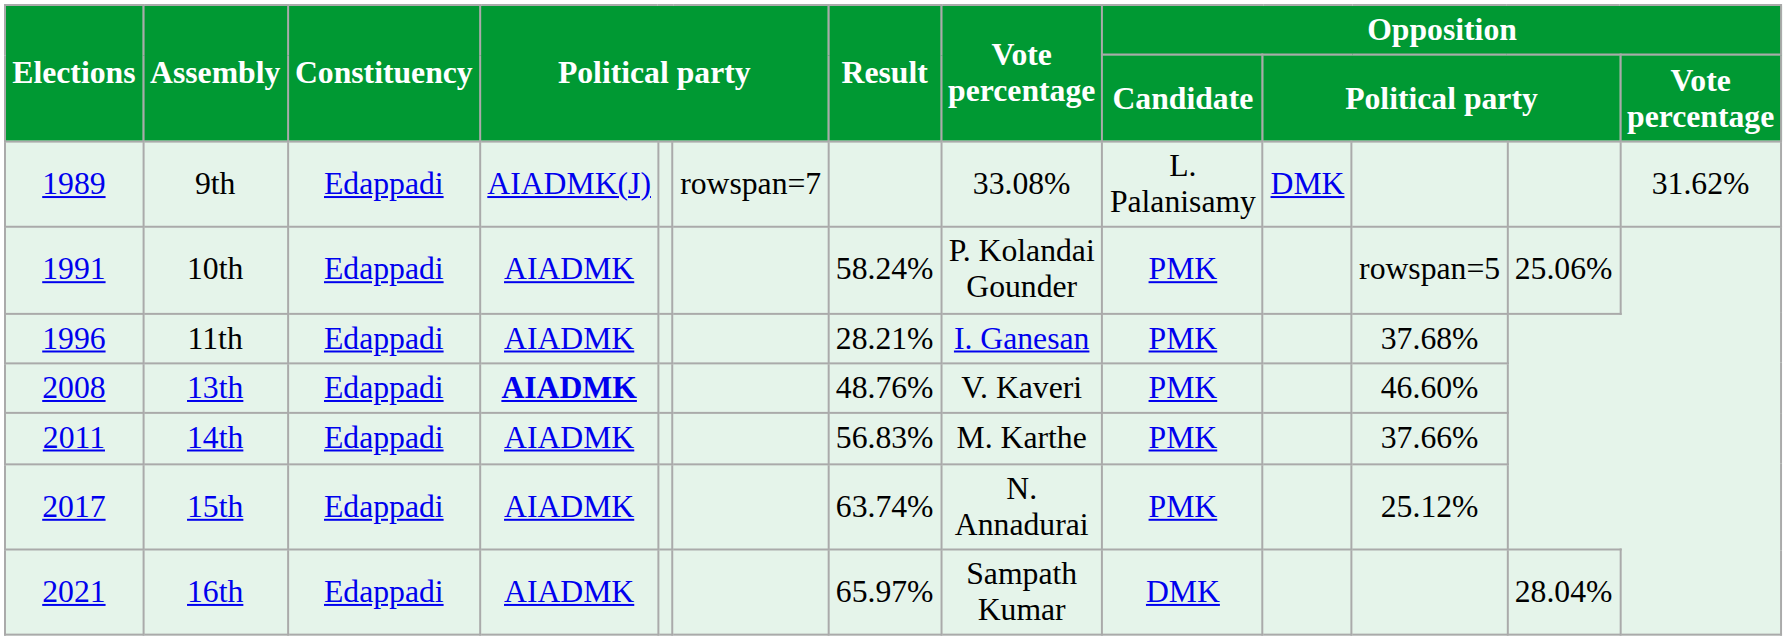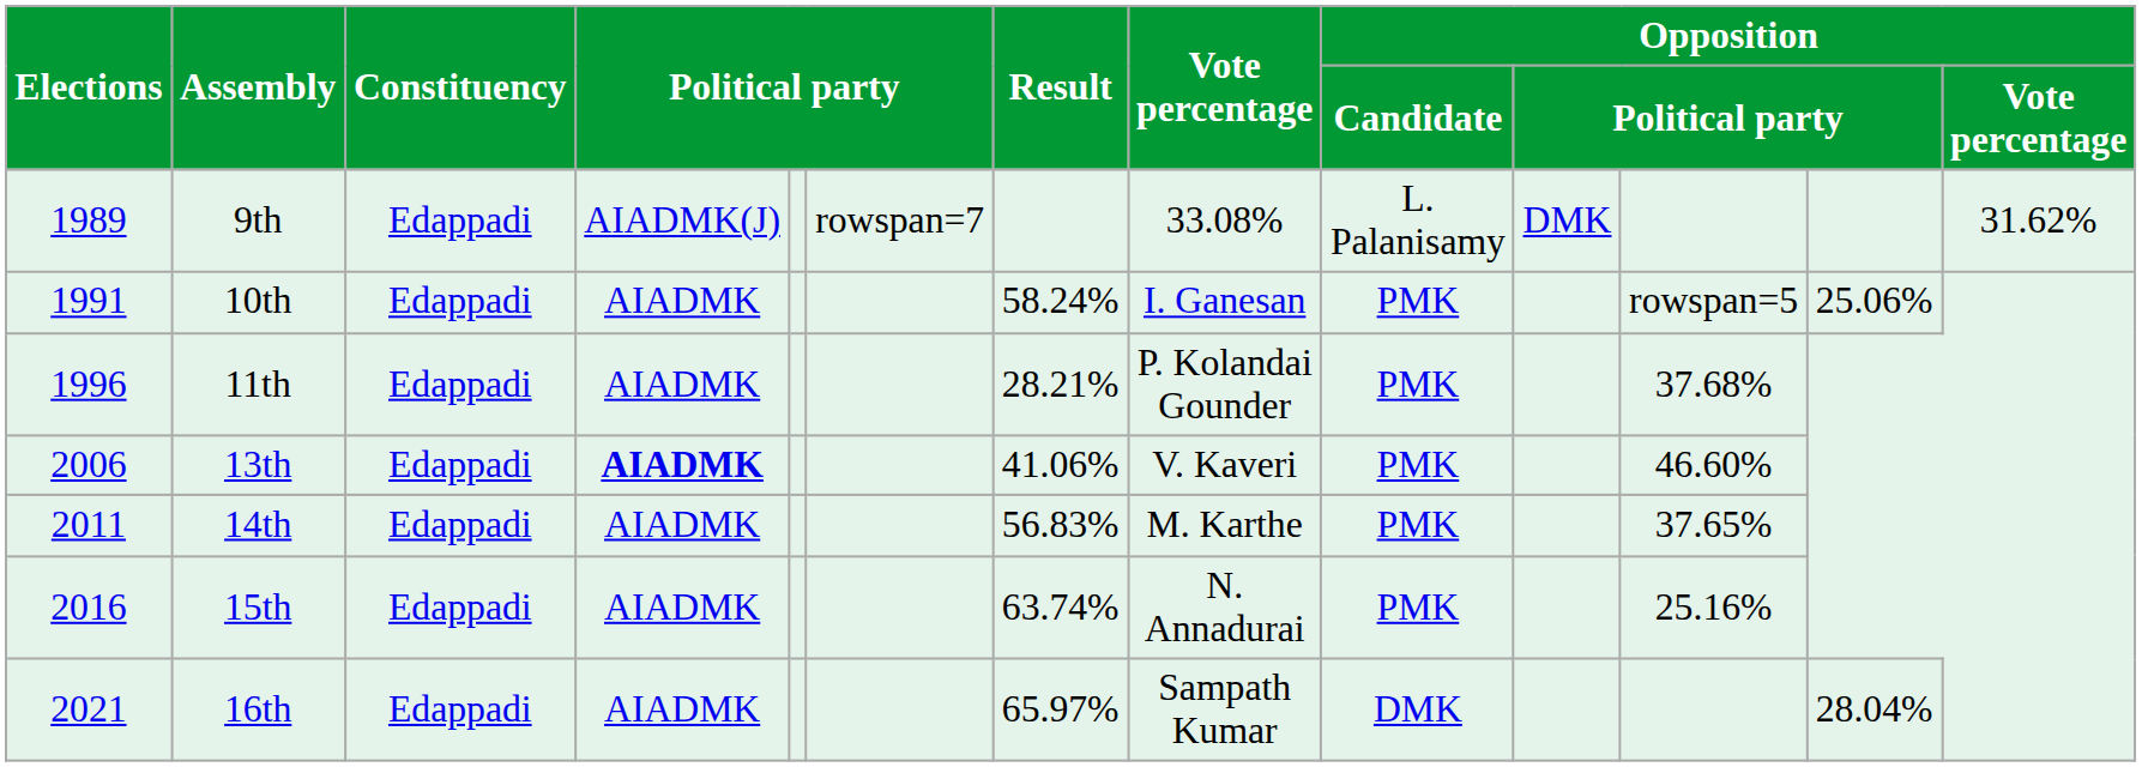 <table class="wikitable sortable" style="width:100%;background:#E5F4EA;text-align:center">
 <tr>
 <th style="background-color:#009933;color:white"rowspan=2>Elections</th>
 <th style="background-color:#009933;color:white"rowspan=2>Assembly</th>
 <th style="background-color:#009933;color:white"rowspan=2>Constituency</th>
 <th style="background-color:#009933;color:white"colspan=3 rowspan=2>Political party</th>
 <th style="background-color:#009933;color:white"rowspan=2>Result</th>
 <th style="background-color:#009933;color:white"rowspan=2>Vote percentage</th>
 <th style="background-color:#009933;color:white"colspan=5>Opposition</th>
 </tr>
 <tr>
 <th style="background-color:#009933;color:white">Candidate</th>
 <th style="background-color:#009933;color:white"colspan=3>Political party</th>
 <th style="background-color:#009933;color:white">Vote percentage</th>
 </tr>
 <tr>
 <td><a href='#'>1989</a></td>
 <td>9th</td>
 <td><a href='#'>Edappadi</a></td>
 <td><a href='#'>AIADMK(J)</a></td>
 <td></td>
 <td>rowspan=7 </td>
 <td></td>
 <td>33.08%</td>
 <td>L. Palanisamy</td>
 <td><a href='#'>DMK</a></td>
 <td></td>
 <td></td>
 <td>31.62%</td>
 </tr>
 <tr>
 <td><a href='#'>1991</a></td>
 <td>10th</td>
 <td><a href='#'>Edappadi</a></td>
 <td><a href='#'>AIADMK</a></td>
 <td></td>
 <td></td>
 <td>58.24%</td>
-<td>P. Kolandai Gounder</td>
+<td><a href='#'>I. Ganesan</a></td>
 <td><a href='#'>PMK</a></td>
 <td></td>
 <td>rowspan=5 </td>
 <td>25.06%</td>
 </tr>
 <tr>
 <td><a href='#'>1996</a></td>
 <td>11th</td>
 <td><a href='#'>Edappadi</a></td>
 <td><a href='#'>AIADMK</a></td>
 <td></td>
 <td></td>
 <td>28.21%</td>
-<td><a href='#'>I. Ganesan</a></td>
+<td>P. Kolandai Gounder</td>
 <td><a href='#'>PMK</a></td>
 <td></td>
 <td>37.68%</td>
 </tr>
 <tr>
-<td><a href='#'>2008</a></td>
+<td><a href='#'>2006</a></td>
 <td><a href='#'>13th</a></td>
 <td><a href='#'>Edappadi</a></td>
 <td><strong><a href='#'>AIADMK</a></strong></td>
 <td></td>
 <td></td>
-<td>48.76%</td>
+<td>41.06%</td>
 <td>V. Kaveri</td>
 <td><a href='#'>PMK</a></td>
 <td></td>
 <td>46.60%</td>
 </tr>
 <tr>
 <td><a href='#'>2011</a></td>
 <td><a href='#'>14th</a></td>
 <td><a href='#'>Edappadi</a></td>
 <td><a href='#'>AIADMK</a></td>
 <td></td>
 <td></td>
 <td>56.83%</td>
 <td>M. Karthe</td>
 <td><a href='#'>PMK</a></td>
 <td></td>
-<td>37.66%</td>
+<td>37.65%</td>
 </tr>
 <tr>
-<td><a href='#'>2017</a></td>
+<td><a href='#'>2016</a></td>
 <td><a href='#'>15th</a></td>
 <td><a href='#'>Edappadi</a></td>
 <td><a href='#'>AIADMK</a></td>
 <td></td>
 <td></td>
 <td>63.74%</td>
 <td>N. Annadurai</td>
 <td><a href='#'>PMK</a></td>
 <td></td>
-<td>25.12%</td>
+<td>25.16%</td>
 </tr>
 <tr>
 <td><a href='#'>2021</a></td>
 <td><a href='#'>16th</a></td>
 <td><a href='#'>Edappadi</a></td>
 <td><a href='#'>AIADMK</a></td>
 <td></td>
 <td></td>
 <td>65.97%</td>
 <td>Sampath Kumar</td>
 <td><a href='#'>DMK</a></td>
 <td></td>
 <td></td>
 <td>28.04%</td>
 </tr>
 </table>
